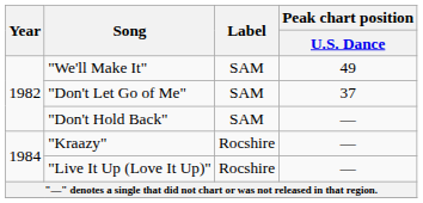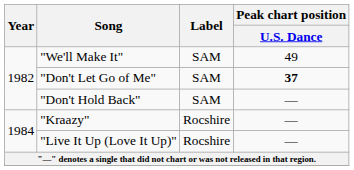 <table class="wikitable">
 <tr>
 <th rowspan="2">Year</th>
 <th rowspan="2">Song</th>
 <th rowspan="2">Label</th>
 <th colspan="2">Peak chart position</th>
 </tr>
 <tr>
 <th><a href='#'>U.S. Dance</a></th>
 </tr>
 <tr>
 <td rowspan="3">1982</td>
 <td>"We'll Make It"</td>
 <td align=center>SAM</td>
 <td align="center">49</td>
 </tr>
 <tr>
 <td>"Don't Let Go of Me"</td>
 <td align=center>SAM</td>
-<td align="center">37</td>
+<td align="center"><strong>37</strong></td>
 </tr>
 <tr>
 <td>"Don't Hold Back"</td>
 <td align=center>SAM</td>
 <td align="center">—</td>
 </tr>
 <tr>
 <td rowspan="2">1984</td>
 <td>"Kraazy"</td>
 <td align=center>Rocshire</td>
 <td align="center">—</td>
 </tr>
 <tr>
 <td>"Live It Up (Love It Up)"</td>
 <td align=center>Rocshire</td>
 <td align="center">—</td>
 </tr>
 <tr>
 <th colspan="4" style="font-size: 8pt">"—" denotes a single that did not chart or was not released in that region.</th>
 </tr>
 <tr>
 </tr>
 </table>
